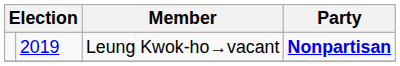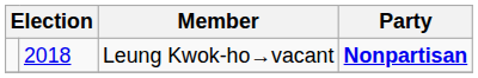 <table class="wikitable">
 <tr>
 <th colspan="2">Election</th>
 <th>Member</th>
 <th>Party</th>
 </tr>
 <tr>
 <td style="color:inherit;background:"></td>
-<td><a href='#'>2019</a></td>
+<td><a href='#'>2018</a></td>
 <td>Leung Kwok-ho→vacant</td>
 <td><strong><a href='#'>Nonpartisan</a></strong></td>
 </tr>
 <tr>
 </tr>
 </table>
